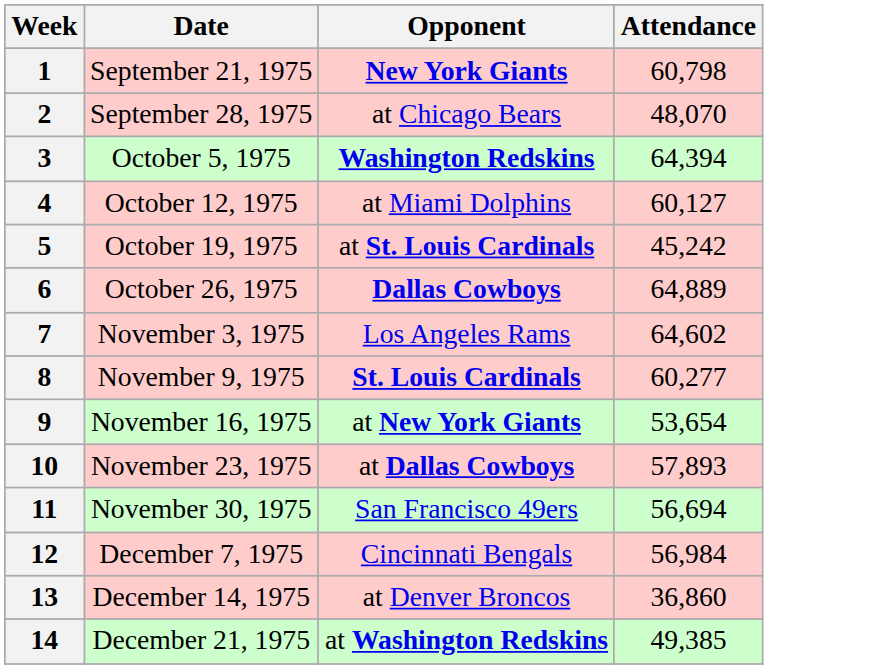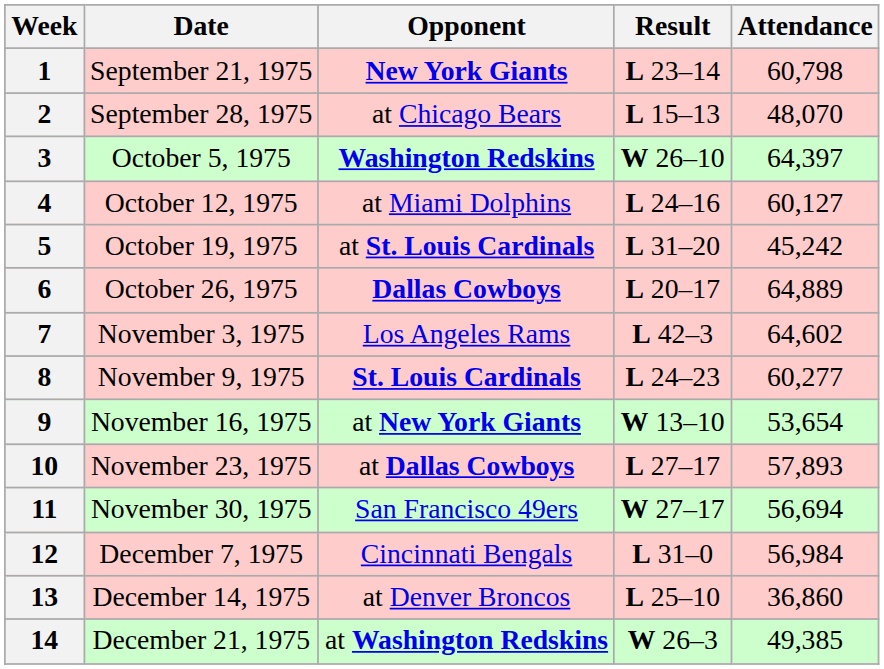 <table class="wikitable" style="text-align:center">
 <tr>
 <th>Week</th>
 <th>Date</th>
 <th>Opponent</th>
+<th>Result</th>
 <th>Attendance</th>
 </tr>
 <tr style="background: #fcc">
 <th>1</th>
 <td>September 21, 1975</td>
 <td><strong><a href='#'>New York Giants</a></strong></td>
+<td><strong>L</strong> 23–14</td>
 <td>60,798</td>
 </tr>
 <tr style="background: #fcc">
 <th>2</th>
 <td>September 28, 1975</td>
 <td>at <a href='#'>Chicago Bears</a></td>
+<td><strong>L</strong> 15–13</td>
 <td>48,070</td>
 </tr>
 <tr style="background: #cfc">
 <th>3</th>
 <td>October 5, 1975</td>
 <td><strong><a href='#'>Washington Redskins</a></strong></td>
-<td>64,394</td>
+<td><strong>W</strong> 26–10</td>
+<td>64,397</td>
 </tr>
 <tr style="background: #fcc">
 <th>4</th>
 <td>October 12, 1975</td>
 <td>at <a href='#'>Miami Dolphins</a></td>
+<td><strong>L</strong> 24–16</td>
 <td>60,127</td>
 </tr>
 <tr style="background: #fcc">
 <th>5</th>
 <td>October 19, 1975</td>
 <td>at <strong><a href='#'>St. Louis Cardinals</a></strong></td>
+<td><strong>L</strong> 31–20</td>
 <td>45,242</td>
 </tr>
 <tr style="background: #fcc">
 <th>6</th>
 <td>October 26, 1975</td>
 <td><strong><a href='#'>Dallas Cowboys</a></strong></td>
+<td><strong>L</strong> 20–17</td>
 <td>64,889</td>
 </tr>
 <tr style="background: #fcc">
 <th>7</th>
 <td>November 3, 1975</td>
 <td><a href='#'>Los Angeles Rams</a></td>
+<td><strong>L</strong> 42–3</td>
 <td>64,602</td>
 </tr>
 <tr style="background: #fcc">
 <th>8</th>
 <td>November 9, 1975</td>
 <td><strong><a href='#'>St. Louis Cardinals</a></strong></td>
+<td><strong>L</strong> 24–23</td>
 <td>60,277</td>
 </tr>
 <tr style="background: #cfc">
 <th>9</th>
 <td>November 16, 1975</td>
 <td>at <strong><a href='#'>New York Giants</a></strong></td>
+<td><strong>W</strong> 13–10</td>
 <td>53,654</td>
 </tr>
 <tr style="background: #fcc">
 <th>10</th>
 <td>November 23, 1975</td>
 <td>at <strong><a href='#'>Dallas Cowboys</a></strong></td>
+<td><strong>L</strong> 27–17</td>
 <td>57,893</td>
 </tr>
 <tr style="background: #cfc">
 <th>11</th>
 <td>November 30, 1975</td>
 <td><a href='#'>San Francisco 49ers</a></td>
+<td><strong>W</strong> 27–17</td>
 <td>56,694</td>
 </tr>
 <tr style="background: #fcc">
 <th>12</th>
 <td>December 7, 1975</td>
 <td><a href='#'>Cincinnati Bengals</a></td>
+<td><strong>L</strong> 31–0</td>
 <td>56,984</td>
 </tr>
 <tr style="background: #fcc">
 <th>13</th>
 <td>December 14, 1975</td>
 <td>at <a href='#'>Denver Broncos</a></td>
+<td><strong>L</strong> 25–10</td>
 <td>36,860</td>
 </tr>
 <tr style="background: #cfc">
 <th>14</th>
 <td>December 21, 1975</td>
 <td>at <strong><a href='#'>Washington Redskins</a></strong></td>
+<td><strong>W</strong> 26–3</td>
 <td>49,385</td>
 </tr>
 </table>
